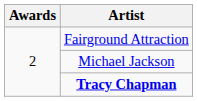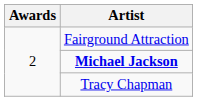 <table class="wikitable" rowspan="2" style="text-align:center;">
 <tr>
 <th scope="col" style="width:55px;">Awards</th>
 <th scope="col" style="text-align:center;">Artist</th>
 </tr>
 <tr>
 <td rowspan="3">2</td>
 <td><a href='#'>Fairground Attraction</a></td>
 </tr>
 <tr>
-<td><a href='#'>Michael Jackson</a></td>
+<td><strong><a href='#'>Michael Jackson</a></strong></td>
 </tr>
 <tr>
-<td><strong><a href='#'>Tracy Chapman</a></strong></td>
+<td><a href='#'>Tracy Chapman</a></td>
 </tr>
 </table>
